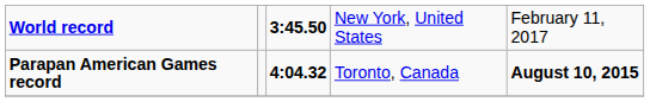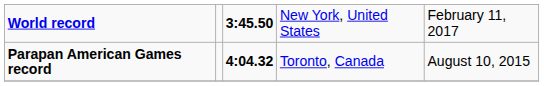 <table class="wikitable">
 <tr>
 <td><strong><a href='#'>World record</a></strong></td>
 <td></td>
 <td><strong>3:45.50</strong></td>
 <td><a href='#'>New York</a>, <a href='#'>United States</a></td>
 <td>February 11, 2017</td>
 </tr>
 <tr>
 <td><strong>Parapan American Games record</strong></td>
 <td></td>
 <td><strong>4:04.32</strong></td>
 <td><a href='#'>Toronto</a>, <a href='#'>Canada</a></td>
-<td><strong>August 10, 2015</strong></td>
+<td>August 10, 2015</td>
 </tr>
 <tr>
 </tr>
 </table>
